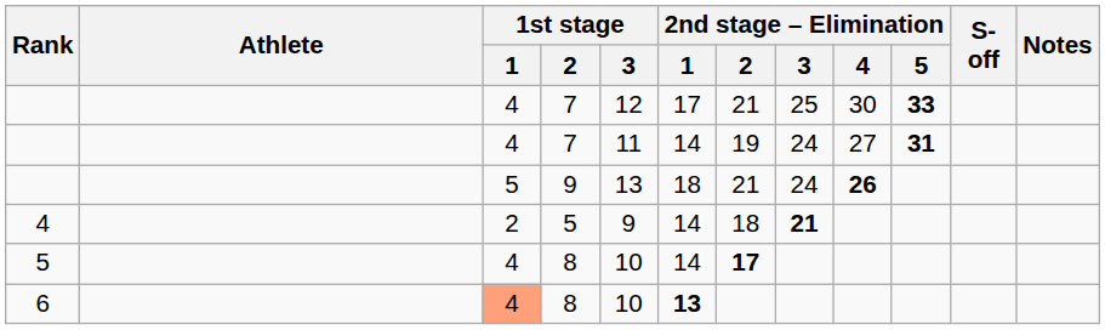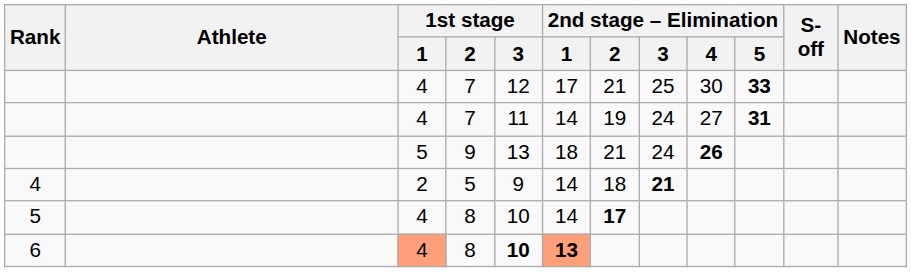 <table class="wikitable" style="text-align:center">
 <tr>
 <th rowspan=2 width=40>Rank</th>
 <th rowspan=2 width=250>Athlete</th>
 <th colspan=3>1st stage</th>
 <th colspan=5>2nd stage – Elimination</th>
 <th rowspan=2 width=35>S-off</th>
 <th rowspan=2 width=45>Notes</th>
 </tr>
 <tr>
 <th width=30>1</th>
 <th width=30>2</th>
 <th width=30>3</th>
 <th width=30>1</th>
 <th width=30>2</th>
 <th width=30>3</th>
 <th width=30>4</th>
 <th width=30>5</th>
 </tr>
 <tr>
 <td></td>
 <td align=left></td>
 <td>4</td>
 <td>7</td>
 <td>12</td>
 <td>17</td>
 <td>21</td>
 <td>25</td>
 <td>30</td>
 <td><strong>33</strong></td>
 <td></td>
 <td></td>
 </tr>
 <tr>
 <td></td>
 <td align=left></td>
 <td>4</td>
 <td>7</td>
 <td>11</td>
 <td>14</td>
 <td>19</td>
 <td>24</td>
 <td>27</td>
 <td><strong>31</strong></td>
 <td></td>
 <td></td>
 </tr>
 <tr>
 <td></td>
 <td align=left></td>
 <td>5</td>
 <td>9</td>
 <td>13</td>
 <td>18</td>
 <td>21</td>
 <td>24</td>
 <td><strong>26</strong></td>
 <td></td>
 <td></td>
 <td></td>
 </tr>
 <tr>
 <td>4</td>
 <td align=left></td>
 <td>2</td>
 <td>5</td>
 <td>9</td>
 <td>14</td>
 <td>18</td>
 <td><strong>21</strong></td>
 <td></td>
 <td></td>
 <td></td>
 <td></td>
 </tr>
 <tr>
 <td>5</td>
 <td align=left></td>
 <td>4</td>
 <td>8</td>
 <td>10</td>
 <td>14</td>
 <td><strong>17</strong></td>
 <td></td>
 <td></td>
 <td></td>
 <td></td>
 <td></td>
 </tr>
 <tr>
 <td>6</td>
 <td align=left></td>
 <td style="background: lightsalmon;">4</td>
 <td>8</td>
-<td>10</td>
-<td><strong>13</strong></td>
+<td><strong>10</strong></td>
+<td style="background: lightsalmon;"><strong>13</strong></td>
 <td></td>
 <td></td>
 <td></td>
 <td></td>
 <td></td>
 <td></td>
 </tr>
 </table>
